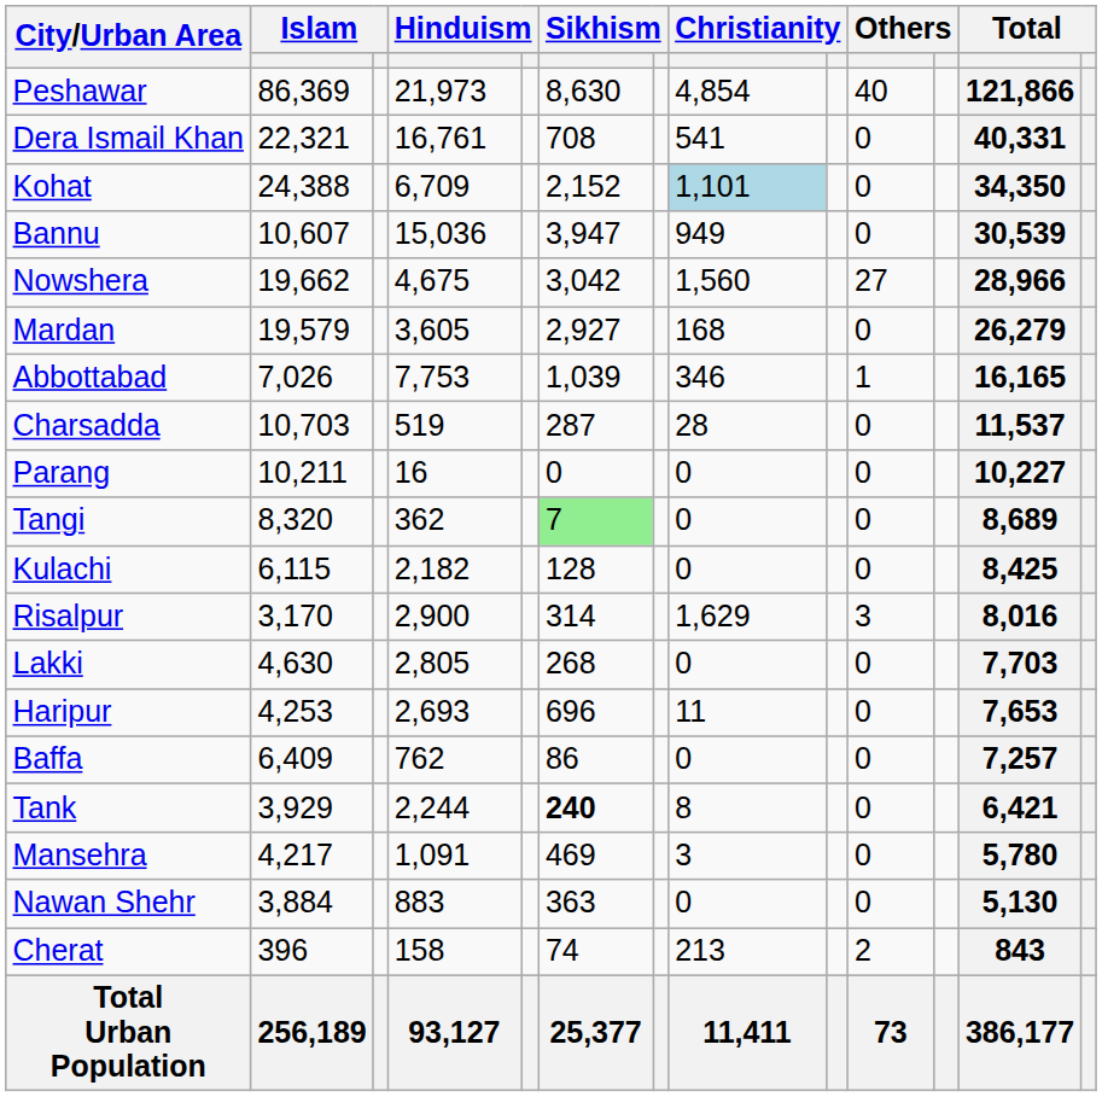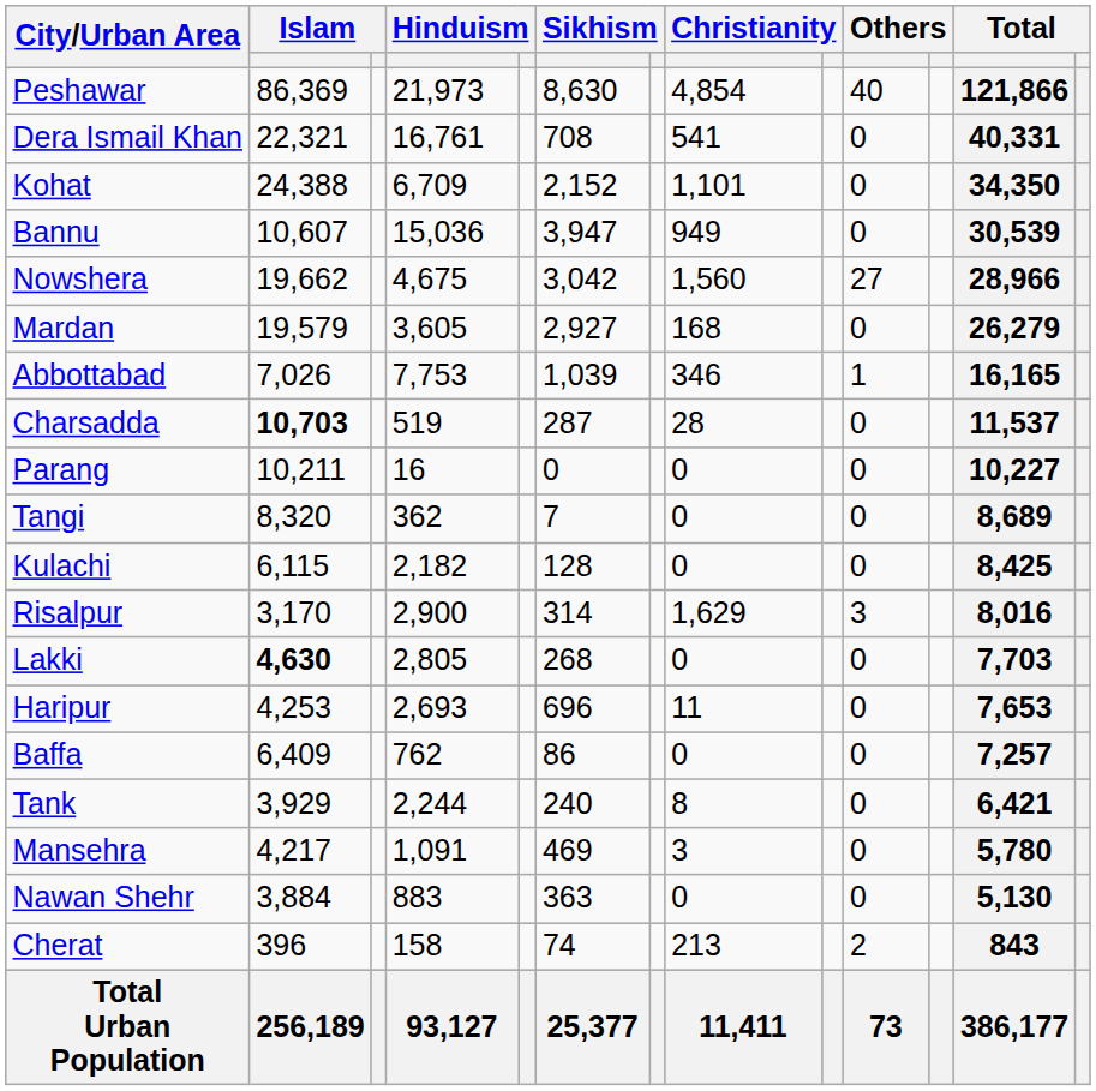 <table class="wikitable sortable">
 <tr>
 <th rowspan="2"><a href='#'>City</a>/<a href='#'>Urban Area</a></th>
 <th colspan="2"><a href='#'>Islam</a> </th>
 <th colspan="2"><a href='#'>Hinduism</a> </th>
 <th colspan="2"><a href='#'>Sikhism</a> </th>
 <th colspan="2"><a href='#'>Christianity</a> </th>
 <th colspan="2">Others</th>
 <th colspan="2">Total</th>
 </tr>
 <tr>
 <th><a href='#'></a></th>
 <th></th>
 <th></th>
 <th></th>
 <th></th>
 <th></th>
 <th></th>
 <th></th>
 <th></th>
 <th></th>
 <th></th>
 <th></th>
 </tr>
 <tr>
 <td><a href='#'>Peshawar</a></td>
 <td>86,369</td>
 <td></td>
 <td>21,973</td>
 <td></td>
 <td>8,630</td>
 <td></td>
 <td>4,854</td>
 <td></td>
 <td>40</td>
 <td></td>
 <th>121,866</th>
 <th></th>
 </tr>
 <tr>
 <td><a href='#'>Dera Ismail Khan</a></td>
 <td>22,321</td>
 <td></td>
 <td>16,761</td>
 <td></td>
 <td>708</td>
 <td></td>
 <td>541</td>
 <td></td>
 <td>0</td>
 <td></td>
 <th>40,331</th>
 <th></th>
 </tr>
 <tr>
 <td><a href='#'>Kohat</a></td>
 <td>24,388</td>
 <td></td>
 <td>6,709</td>
 <td></td>
 <td>2,152</td>
 <td></td>
-<td style="background: lightblue;">1,101</td>
+<td>1,101</td>
 <td></td>
 <td>0</td>
 <td></td>
 <th>34,350</th>
 <th></th>
 </tr>
 <tr>
 <td><a href='#'>Bannu</a></td>
 <td>10,607</td>
 <td></td>
 <td>15,036</td>
 <td></td>
 <td>3,947</td>
 <td></td>
 <td>949</td>
 <td></td>
 <td>0</td>
 <td></td>
 <th>30,539</th>
 <th></th>
 </tr>
 <tr>
 <td><a href='#'>Nowshera</a></td>
 <td>19,662</td>
 <td></td>
 <td>4,675</td>
 <td></td>
 <td>3,042</td>
 <td></td>
 <td>1,560</td>
 <td></td>
 <td>27</td>
 <td></td>
 <th>28,966</th>
 <th></th>
 </tr>
 <tr>
 <td><a href='#'>Mardan</a></td>
 <td>19,579</td>
 <td></td>
 <td>3,605</td>
 <td></td>
 <td>2,927</td>
 <td></td>
 <td>168</td>
 <td></td>
 <td>0</td>
 <td></td>
 <th>26,279</th>
 <th></th>
 </tr>
 <tr>
 <td><a href='#'>Abbottabad</a></td>
 <td>7,026</td>
 <td></td>
 <td>7,753</td>
 <td></td>
 <td>1,039</td>
 <td></td>
 <td>346</td>
 <td></td>
 <td>1</td>
 <td></td>
 <th>16,165</th>
 <th></th>
 </tr>
 <tr>
 <td><a href='#'>Charsadda</a></td>
-<td>10,703</td>
+<td><strong>10,703</strong></td>
 <td></td>
 <td>519</td>
 <td></td>
 <td>287</td>
 <td></td>
 <td>28</td>
 <td></td>
 <td>0</td>
 <td></td>
 <th>11,537</th>
 <th></th>
 </tr>
 <tr>
 <td><a href='#'>Parang</a></td>
 <td>10,211</td>
 <td></td>
 <td>16</td>
 <td></td>
 <td>0</td>
 <td></td>
 <td>0</td>
 <td></td>
 <td>0</td>
 <td></td>
 <th>10,227</th>
 <th></th>
 </tr>
 <tr>
 <td><a href='#'>Tangi</a></td>
 <td>8,320</td>
 <td></td>
 <td>362</td>
 <td></td>
-<td style="background: lightgreen;">7</td>
+<td>7</td>
 <td></td>
 <td>0</td>
 <td></td>
 <td>0</td>
 <td></td>
 <th>8,689</th>
 <th></th>
 </tr>
 <tr>
 <td><a href='#'>Kulachi</a></td>
 <td>6,115</td>
 <td></td>
 <td>2,182</td>
 <td></td>
 <td>128</td>
 <td></td>
 <td>0</td>
 <td></td>
 <td>0</td>
 <td></td>
 <th>8,425</th>
 <th></th>
 </tr>
 <tr>
 <td><a href='#'>Risalpur</a></td>
 <td>3,170</td>
 <td></td>
 <td>2,900</td>
 <td></td>
 <td>314</td>
 <td></td>
 <td>1,629</td>
 <td></td>
 <td>3</td>
 <td></td>
 <th>8,016</th>
 <th></th>
 </tr>
 <tr>
 <td><a href='#'>Lakki</a></td>
-<td>4,630</td>
+<td><strong>4,630</strong></td>
 <td></td>
 <td>2,805</td>
 <td></td>
 <td>268</td>
 <td></td>
 <td>0</td>
 <td></td>
 <td>0</td>
 <td></td>
 <th>7,703</th>
 <th></th>
 </tr>
 <tr>
 <td><a href='#'>Haripur</a></td>
 <td>4,253</td>
 <td></td>
 <td>2,693</td>
 <td></td>
 <td>696</td>
 <td></td>
 <td>11</td>
 <td></td>
 <td>0</td>
 <td></td>
 <th>7,653</th>
 <th></th>
 </tr>
 <tr>
 <td><a href='#'>Baffa</a></td>
 <td>6,409</td>
 <td></td>
 <td>762</td>
 <td></td>
 <td>86</td>
 <td></td>
 <td>0</td>
 <td></td>
 <td>0</td>
 <td></td>
 <th>7,257</th>
 <th></th>
 </tr>
 <tr>
 <td><a href='#'>Tank</a></td>
 <td>3,929</td>
 <td></td>
 <td>2,244</td>
 <td></td>
-<td><strong>240</strong></td>
+<td>240</td>
 <td></td>
 <td>8</td>
 <td></td>
 <td>0</td>
 <td></td>
 <th>6,421</th>
 <th></th>
 </tr>
 <tr>
 <td><a href='#'>Mansehra</a></td>
 <td>4,217</td>
 <td></td>
 <td>1,091</td>
 <td></td>
 <td>469</td>
 <td></td>
 <td>3</td>
 <td></td>
 <td>0</td>
 <td></td>
 <th>5,780</th>
 <th></th>
 </tr>
 <tr>
 <td><a href='#'>Nawan Shehr</a></td>
 <td>3,884</td>
 <td></td>
 <td>883</td>
 <td></td>
 <td>363</td>
 <td></td>
 <td>0</td>
 <td></td>
 <td>0</td>
 <td></td>
 <th>5,130</th>
 <th></th>
 </tr>
 <tr>
 <td><a href='#'>Cherat</a></td>
 <td>396</td>
 <td></td>
 <td>158</td>
 <td></td>
 <td>74</td>
 <td></td>
 <td>213</td>
 <td></td>
 <td>2</td>
 <td></td>
 <th>843</th>
 <th></th>
 </tr>
 <tr>
 <th>Total<br>Urban<br>Population</th>
 <th>256,189</th>
 <th></th>
 <th>93,127</th>
 <th></th>
 <th>25,377</th>
 <th></th>
 <th>11,411</th>
 <th></th>
 <th>73</th>
 <th></th>
 <th>386,177</th>
 <th></th>
 </tr>
 </table>
